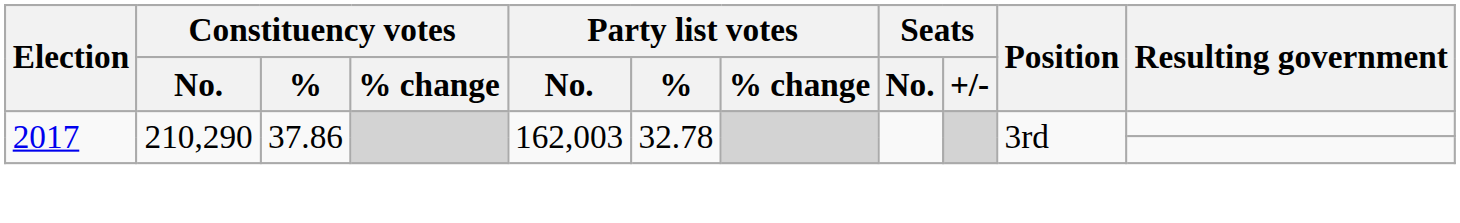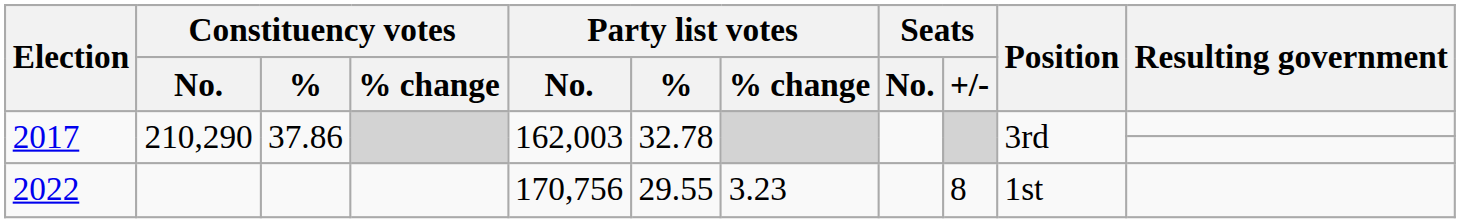 <table class="wikitable">
 <tr>
 <th rowspan="2" style="background-color:">Election</th>
 <th colspan="3" style="background-color:">Constituency votes</th>
 <th colspan="3" style="background-color:">Party list votes</th>
 <th colspan="2" style="background-color:">Seats</th>
 <th rowspan="2" style="background-color:">Position</th>
 <th rowspan="2" style="background-color:">Resulting government</th>
 </tr>
 <tr>
 <th style="background-color:">No.</th>
 <th style="background-color:">%</th>
 <th style="background-color:">% change</th>
 <th style="background-color:">No.</th>
 <th style="background-color:">%</th>
 <th style="background-color:">% change</th>
 <th style="background-color:">No.</th>
 <th style="background-color:">+/-</th>
 </tr>
 <tr>
 <td rowspan="2"><a href='#'>2017</a></td>
 <td rowspan="2">210,290</td>
 <td rowspan="2">37.86</td>
 <td rowspan="2" bgcolor="lightgrey"></td>
 <td rowspan="2">162,003</td>
 <td rowspan="2">32.78</td>
 <td rowspan="2" bgcolor="lightgrey"></td>
 <td rowspan="2"></td>
 <td rowspan="2" bgcolor="lightgrey"></td>
 <td rowspan="2">3rd</td>
 <td></td>
 </tr>
 <tr>
 <td></td>
 </tr>
+<tr>
+<td><a href='#'>2022</a></td>
+<td></td>
+<td></td>
+<td></td>
+<td>170,756</td>
+<td>29.55</td>
+<td> 3.23</td>
+<td></td>
+<td> 8</td>
+<td> 1st</td>
+<td></td>
+</tr>
 </table>
